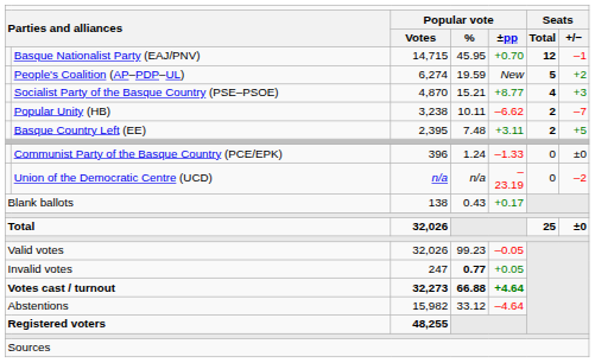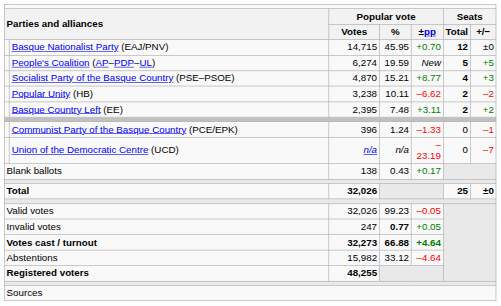 <table class="wikitable" style="text-align:right;">
 <tr>
 <td colspan="7"></td>
 </tr>
 <tr>
 <th style="text-align:left;" rowspan="2" colspan="2" width="525">Parties and alliances</th>
 <th colspan="3">Popular vote</th>
 <th colspan="2">Seats</th>
 </tr>
 <tr>
 <th width="75">Votes</th>
 <th width="45">%</th>
 <th width="45">±<a href='#'>pp</a></th>
 <th width="35">Total</th>
 <th width="35">+/−</th>
 </tr>
 <tr>
 <td width="1" style="color:inherit;background:"></td>
 <td align="left"><a href='#'>Basque Nationalist Party</a> (EAJ/PNV)</td>
 <td>14,715</td>
 <td>45.95</td>
 <td style="color:green;">+0.70</td>
 <td><strong>12</strong></td>
-<td style="color:red;">–1</td>
+<td>±0</td>
 </tr>
 <tr>
 <td style="color:inherit;background:"></td>
 <td align="left"><a href='#'>People's Coalition</a> (<a href='#'>AP</a>–<a href='#'>PDP</a>–<a href='#'>UL</a>)</td>
 <td>6,274</td>
 <td>19.59</td>
 <td><em>New</em></td>
 <td><strong>5</strong></td>
-<td style="color:green;">+2</td>
+<td style="color:green;">+5</td>
 </tr>
 <tr>
 <td style="color:inherit;background:"></td>
 <td align="left"><a href='#'>Socialist Party of the Basque Country</a> (PSE–PSOE)</td>
 <td>4,870</td>
 <td>15.21</td>
 <td style="color:green;">+8.77</td>
 <td><strong>4</strong></td>
 <td style="color:green;">+3</td>
 </tr>
 <tr>
 <td style="color:inherit;background:"></td>
 <td align="left"><a href='#'>Popular Unity</a> (HB)</td>
 <td>3,238</td>
 <td>10.11</td>
 <td style="color:red;">–6.62</td>
 <td><strong>2</strong></td>
-<td style="color:red;">–7</td>
+<td style="color:red;">–2</td>
 </tr>
 <tr>
 <td style="color:inherit;background:"></td>
 <td align="left"><a href='#'>Basque Country Left</a> (EE)</td>
 <td>2,395</td>
 <td>7.48</td>
 <td style="color:green;">+3.11</td>
 <td><strong>2</strong></td>
-<td style="color:green;">+5</td>
+<td style="color:green;">+2</td>
 </tr>
 <tr>
 <td colspan="7" bgcolor="#C0C0C0"></td>
 </tr>
 <tr>
 <td style="color:inherit;background:"></td>
 <td align="left"><a href='#'>Communist Party of the Basque Country</a> (PCE/EPK)</td>
 <td>396</td>
 <td>1.24</td>
 <td style="color:red;">–1.33</td>
 <td>0</td>
-<td>±0</td>
+<td style="color:red;">–1</td>
 </tr>
 <tr>
 <td style="color:inherit;background:"></td>
 <td align="left"><a href='#'>Union of the Democratic Centre</a> (UCD)</td>
 <td><em><a href='#'>n/a</a></em></td>
 <td><em>n/a</em></td>
 <td style="color:red;">–23.19</td>
 <td>0</td>
-<td style="color:red;">–2</td>
+<td style="color:red;">–7</td>
 </tr>
 <tr>
 <td align="left" colspan="2">Blank ballots</td>
 <td>138</td>
 <td>0.43</td>
 <td style="color:green;">+0.17</td>
 <td bgcolor="#E9E9E9" colspan="2"></td>
 </tr>
 <tr>
 <td colspan="7" bgcolor="#E9E9E9"></td>
 </tr>
 <tr style="font-weight:bold;">
 <td align="left" colspan="2">Total</td>
 <td>32,026</td>
 <td bgcolor="#E9E9E9" colspan="2"></td>
 <td>25</td>
 <td>±0</td>
 </tr>
 <tr>
 <td colspan="7" bgcolor="#E9E9E9"></td>
 </tr>
 <tr>
 <td align="left" colspan="2">Valid votes</td>
 <td>32,026</td>
 <td>99.23</td>
 <td style="color:red;">–0.05</td>
 <td bgcolor="#E9E9E9" colspan="2" rowspan="5"></td>
 </tr>
 <tr>
 <td align="left" colspan="2">Invalid votes</td>
 <td>247</td>
 <td><strong>0.77</strong></td>
 <td style="color:green;">+0.05</td>
 </tr>
 <tr style="font-weight:bold;">
 <td align="left" colspan="2">Votes cast / turnout</td>
 <td>32,273</td>
 <td>66.88</td>
 <td style="color:green;">+4.64</td>
 </tr>
 <tr>
 <td align="left" colspan="2">Abstentions</td>
 <td>15,982</td>
 <td>33.12</td>
 <td style="color:red;">–4.64</td>
 </tr>
 <tr style="font-weight:bold;">
 <td align="left" colspan="2">Registered voters</td>
 <td>48,255</td>
 <td bgcolor="#E9E9E9" colspan="2"></td>
 </tr>
 <tr>
 <td colspan="7" bgcolor="#E9E9E9"></td>
 </tr>
 <tr>
 <td align="left" colspan="7">Sources</td>
 </tr>
 </table>
